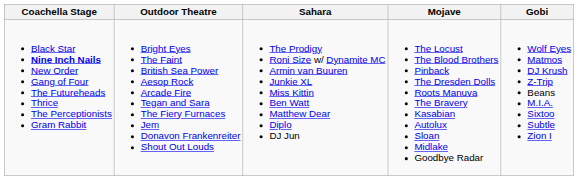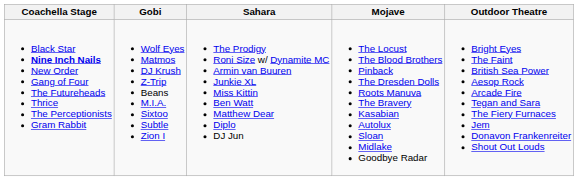 <table class="wikitable">
 <tr>
 <th>Coachella Stage</th>
-<th>Outdoor Theatre</th>
+<th>Gobi</th>
 <th>Sahara</th>
 <th>Mojave</th>
-<th>Gobi</th>
+<th>Outdoor Theatre</th>
 </tr>
 <tr valign="top">
 <td><br><ul><li><a href='#'>Black Star</a></li><li><strong><a href='#'>Nine Inch Nails</a></strong></li><li><a href='#'>New Order</a></li><li><a href='#'>Gang of Four</a></li><li><a href='#'>The Futureheads</a></li><li><a href='#'>Thrice</a></li><li><a href='#'>The Perceptionists</a></li><li><a href='#'>Gram Rabbit</a></li></ul></td>
-<td><br><ul><li><a href='#'>Bright Eyes</a></li><li><a href='#'>The Faint</a></li><li><a href='#'>British Sea Power</a></li><li><a href='#'>Aesop Rock</a></li><li><a href='#'>Arcade Fire</a></li><li><a href='#'>Tegan and Sara</a></li><li><a href='#'>The Fiery Furnaces</a></li><li><a href='#'>Jem</a></li><li><a href='#'>Donavon Frankenreiter</a></li><li><a href='#'>Shout Out Louds</a></li></ul></td>
+<td><br><ul><li><a href='#'>Wolf Eyes</a></li><li><a href='#'>Matmos</a></li><li><a href='#'>DJ Krush</a></li><li><a href='#'>Z-Trip</a></li><li>Beans</li><li><a href='#'>M.I.A.</a></li><li><a href='#'>Sixtoo</a></li><li><a href='#'>Subtle</a></li><li><a href='#'>Zion I</a></li></ul></td>
 <td><br><ul><li><a href='#'>The Prodigy</a></li><li><a href='#'>Roni Size</a> w/ <a href='#'>Dynamite MC</a></li><li><a href='#'>Armin van Buuren</a></li><li><a href='#'>Junkie XL</a></li><li><a href='#'>Miss Kittin</a></li><li><a href='#'>Ben Watt</a></li><li><a href='#'>Matthew Dear</a></li><li><a href='#'>Diplo</a></li><li>DJ Jun</li></ul></td>
 <td><br><ul><li><a href='#'>The Locust</a></li><li><a href='#'>The Blood Brothers</a></li><li><a href='#'>Pinback</a></li><li><a href='#'>The Dresden Dolls</a></li><li><a href='#'>Roots Manuva</a></li><li><a href='#'>The Bravery</a></li><li><a href='#'>Kasabian</a></li><li><a href='#'>Autolux</a></li><li><a href='#'>Sloan</a></li><li><a href='#'>Midlake</a></li><li>Goodbye Radar</li></ul></td>
-<td><br><ul><li><a href='#'>Wolf Eyes</a></li><li><a href='#'>Matmos</a></li><li><a href='#'>DJ Krush</a></li><li><a href='#'>Z-Trip</a></li><li>Beans</li><li><a href='#'>M.I.A.</a></li><li><a href='#'>Sixtoo</a></li><li><a href='#'>Subtle</a></li><li><a href='#'>Zion I</a></li></ul></td>
+<td><br><ul><li><a href='#'>Bright Eyes</a></li><li><a href='#'>The Faint</a></li><li><a href='#'>British Sea Power</a></li><li><a href='#'>Aesop Rock</a></li><li><a href='#'>Arcade Fire</a></li><li><a href='#'>Tegan and Sara</a></li><li><a href='#'>The Fiery Furnaces</a></li><li><a href='#'>Jem</a></li><li><a href='#'>Donavon Frankenreiter</a></li><li><a href='#'>Shout Out Louds</a></li></ul></td>
 </tr>
 </table>
